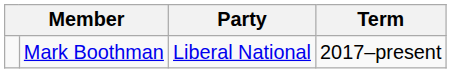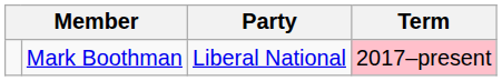 <table class="wikitable">
 <tr>
 <th colspan="2">Member</th>
 <th>Party</th>
 <th>Term</th>
 </tr>
 <tr>
 <td> </td>
 <td><a href='#'>Mark Boothman</a></td>
 <td><a href='#'>Liberal National</a></td>
-<td>2017–present</td>
+<td style="background: pink;">2017–present</td>
 </tr>
 </table>
